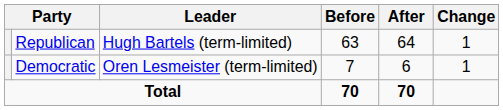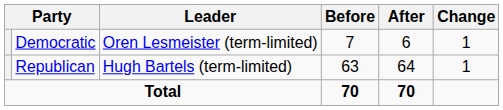 <table class="wikitable" style="text-align:center;">
 <tr>
 </tr>
 <tr>
 <th colspan="2">Party</th>
 <th>Leader</th>
 <th style="width:3em">Before</th>
 <th style="width:3em">After</th>
 <th style="width:3em">Change</th>
 </tr>
 <tr>
 <th style="background-color:"></th>
+<td style="text-align:left;"><a href='#'>Democratic</a></td>
+<td style="text-align:left;"><a href='#'>Oren Lesmeister</a> (term-limited)</td>
+<td>7</td>
+<td>6</td>
+<td> 1</td>
+</tr>
+<tr>
+<th style="background-color:"></th>
 <td style="text-align:left;"><a href='#'>Republican</a></td>
 <td style="text-align:left;"><a href='#'>Hugh Bartels</a> (term-limited)</td>
 <td>63</td>
 <td>64</td>
-<td> 1</td>
-</tr>
-<tr>
-<th style="background-color:"></th>
-<td style="text-align:left;"><a href='#'>Democratic</a></td>
-<td style="text-align:left;"><a href='#'>Oren Lesmeister</a> (term-limited)</td>
-<td>7</td>
-<td>6</td>
 <td> 1</td>
 </tr>
 <tr>
 <td colspan="3"><strong>Total</strong></td>
 <td><strong>70</strong></td>
 <td><strong>70</strong></td>
 <td></td>
 </tr>
 </table>
